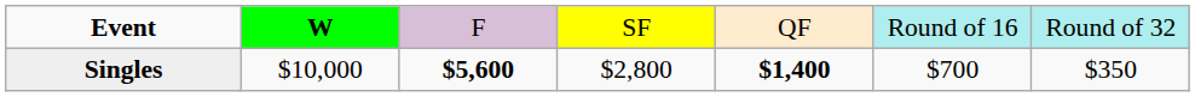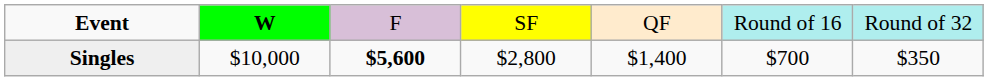 <table class=wikitable style=font-size:95%;text-align:center>
 <tr>
 <td style="width:130px"><strong>Event</strong></td>
 <td style="width:85px; background:lime"><strong>W</strong></td>
 <td style="width:85px; background:thistle">F</td>
 <td style="width:85px; background:#ffff00">SF</td>
 <td style="width:85px; background:#ffebcd">QF</td>
 <td style="width:85px; background:#afeeee">Round of 16</td>
 <td style="width:85px; background:#afeeee">Round of 32</td>
 </tr>
 <tr>
 <th style=background:#efefef>Singles </th>
 <td>$10,000</td>
 <td><strong>$5,600</strong></td>
 <td>$2,800</td>
-<td><strong>$1,400</strong></td>
+<td>$1,400</td>
 <td>$700</td>
 <td>$350</td>
 </tr>
 </table>
